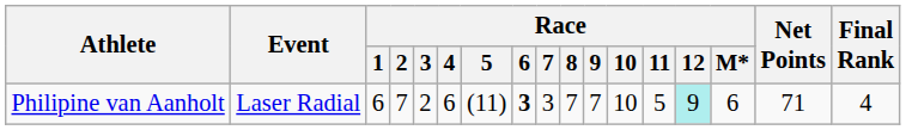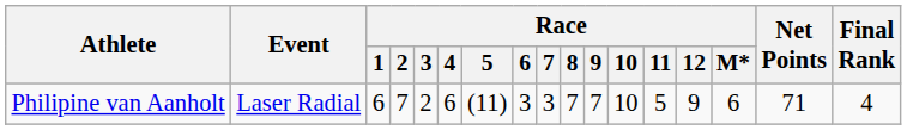 <table class="wikitable" style="font-size:90%">
 <tr>
 <th rowspan=2>Athlete</th>
 <th rowspan=2>Event</th>
 <th colspan=13>Race</th>
 <th rowspan=2>Net<br>Points</th>
 <th rowspan=2>Final<br>Rank</th>
 </tr>
 <tr style="font-size:95%">
 <th>1</th>
 <th>2</th>
 <th>3</th>
 <th>4</th>
 <th>5</th>
 <th>6</th>
 <th>7</th>
 <th>8</th>
 <th>9</th>
 <th>10</th>
 <th>11</th>
 <th>12</th>
 <th>M*</th>
 </tr>
 <tr align=center>
 <td align=left><a href='#'>Philipine van Aanholt</a></td>
 <td align=left><a href='#'>Laser Radial</a></td>
 <td>6</td>
 <td>7</td>
 <td>2</td>
 <td>6</td>
 <td>(11)</td>
-<td><strong>3</strong></td>
+<td>3</td>
 <td>3</td>
 <td>7</td>
 <td>7</td>
 <td>10</td>
 <td>5</td>
-<td style="background: paleturquoise;">9</td>
+<td>9</td>
 <td>6</td>
 <td>71</td>
 <td>4</td>
 </tr>
 </table>
